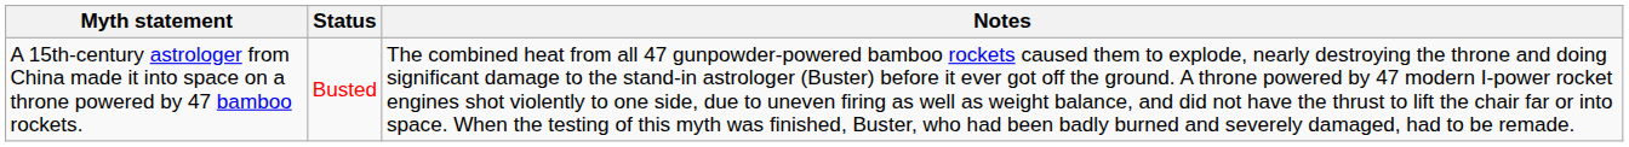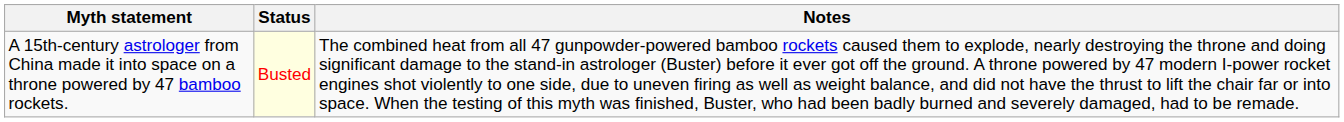 <table class="wikitable plainrowheaders">
 <tr>
 <th>Myth statement</th>
 <th>Status</th>
 <th>Notes</th>
 </tr>
 <tr>
 <td>A 15th-century <a href='#'>astrologer</a> from China made it into space on a throne powered by 47 <a href='#'>bamboo</a> rockets.</td>
-<td style="color:red">Busted</td>
+<td style="background: lightyellow; color:red">Busted</td>
 <td>The combined heat from all 47 gunpowder-powered bamboo <a href='#'>rockets</a> caused them to explode, nearly destroying the throne and doing significant damage to the stand-in astrologer (Buster) before it ever got off the ground. A throne powered by 47 modern I-power rocket engines shot violently to one side, due to uneven firing as well as weight balance, and did not have the thrust to lift the chair far or into space. When the testing of this myth was finished, Buster, who had been badly burned and severely damaged, had to be remade.</td>
 </tr>
 </table>
